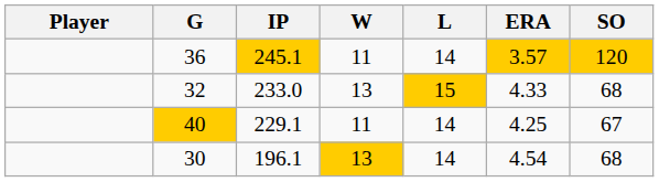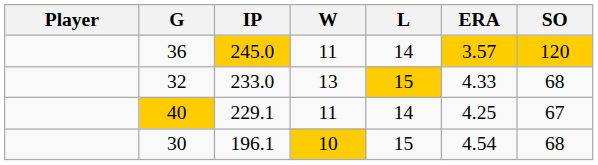 <table class="wikitable sortable">
 <tr>
 <th bgcolor="#DDDDFF" width="16%">Player</th>
 <th bgcolor="#DDDDFF" width="9%">G</th>
 <th bgcolor="#DDDDFF" width="9%">IP</th>
 <th bgcolor="#DDDDFF" width="9%">W</th>
 <th bgcolor="#DDDDFF" width="9%">L</th>
 <th bgcolor="#DDDDFF" width="9%">ERA</th>
 <th bgcolor="#DDDDFF" width="9%">SO</th>
 </tr>
 <tr align="center">
 <td></td>
 <td>36</td>
-<td style="background:#fc0;">245.1</td>
+<td style="background:#fc0;">245.0</td>
 <td>11</td>
 <td>14</td>
 <td style="background:#fc0;">3.57</td>
 <td style="background:#fc0;">120</td>
 </tr>
 <tr align="center">
 <td></td>
 <td>32</td>
 <td>233.0</td>
 <td>13</td>
 <td style="background:#fc0;">15</td>
 <td>4.33</td>
 <td>68</td>
 </tr>
 <tr align="center">
 <td></td>
 <td style="background:#fc0;">40</td>
 <td>229.1</td>
 <td>11</td>
 <td>14</td>
 <td>4.25</td>
 <td>67</td>
 </tr>
 <tr align="center">
 <td></td>
 <td>30</td>
 <td>196.1</td>
-<td style="background:#fc0;">13</td>
-<td>14</td>
+<td style="background:#fc0;">10</td>
+<td>15</td>
 <td>4.54</td>
 <td>68</td>
 </tr>
 </table>
